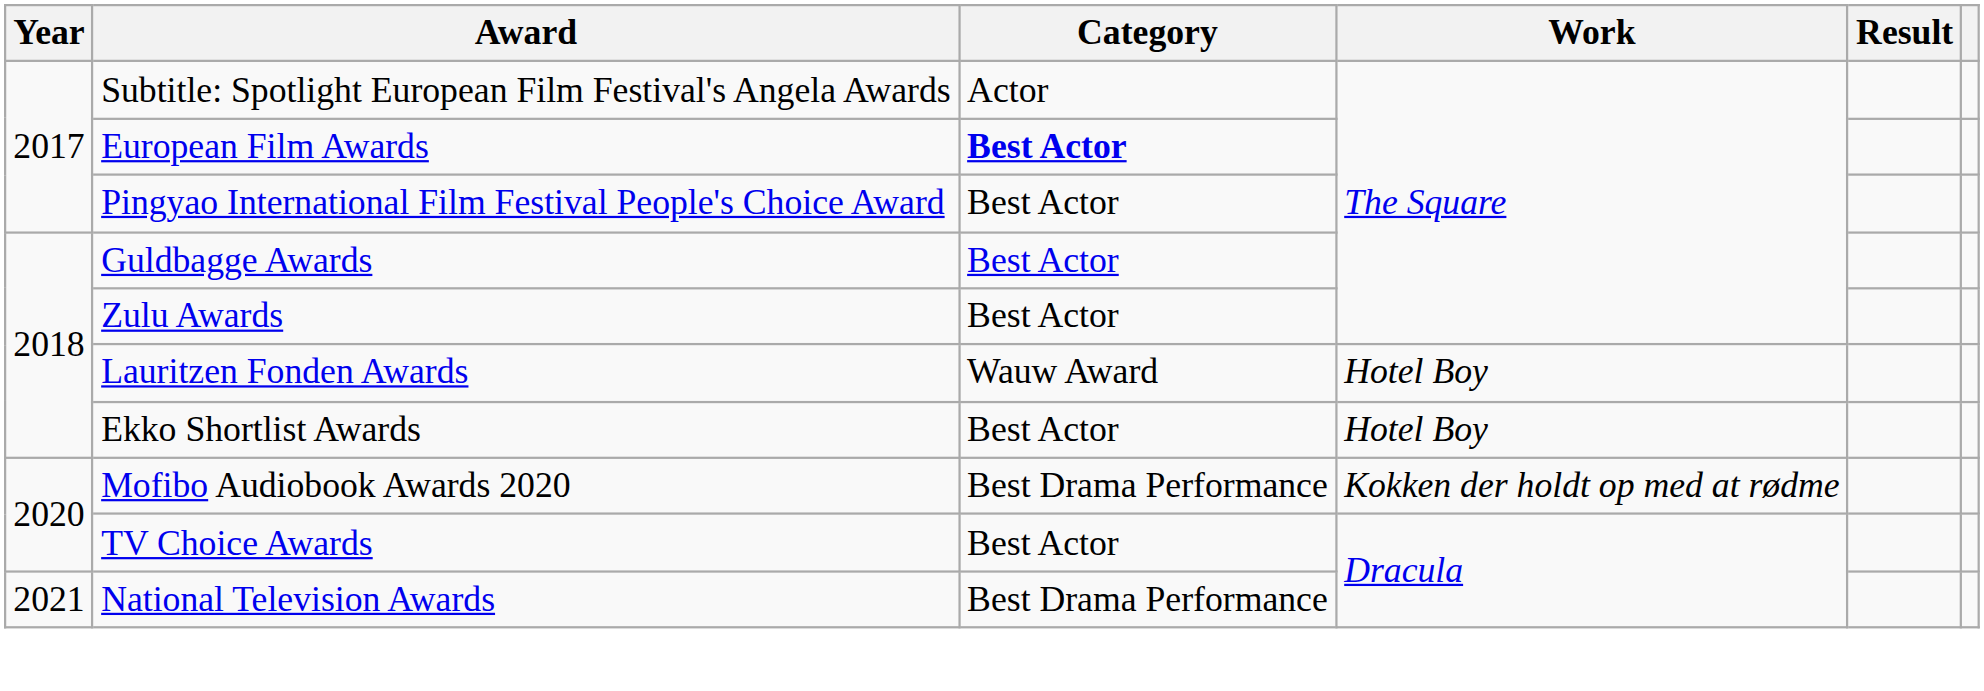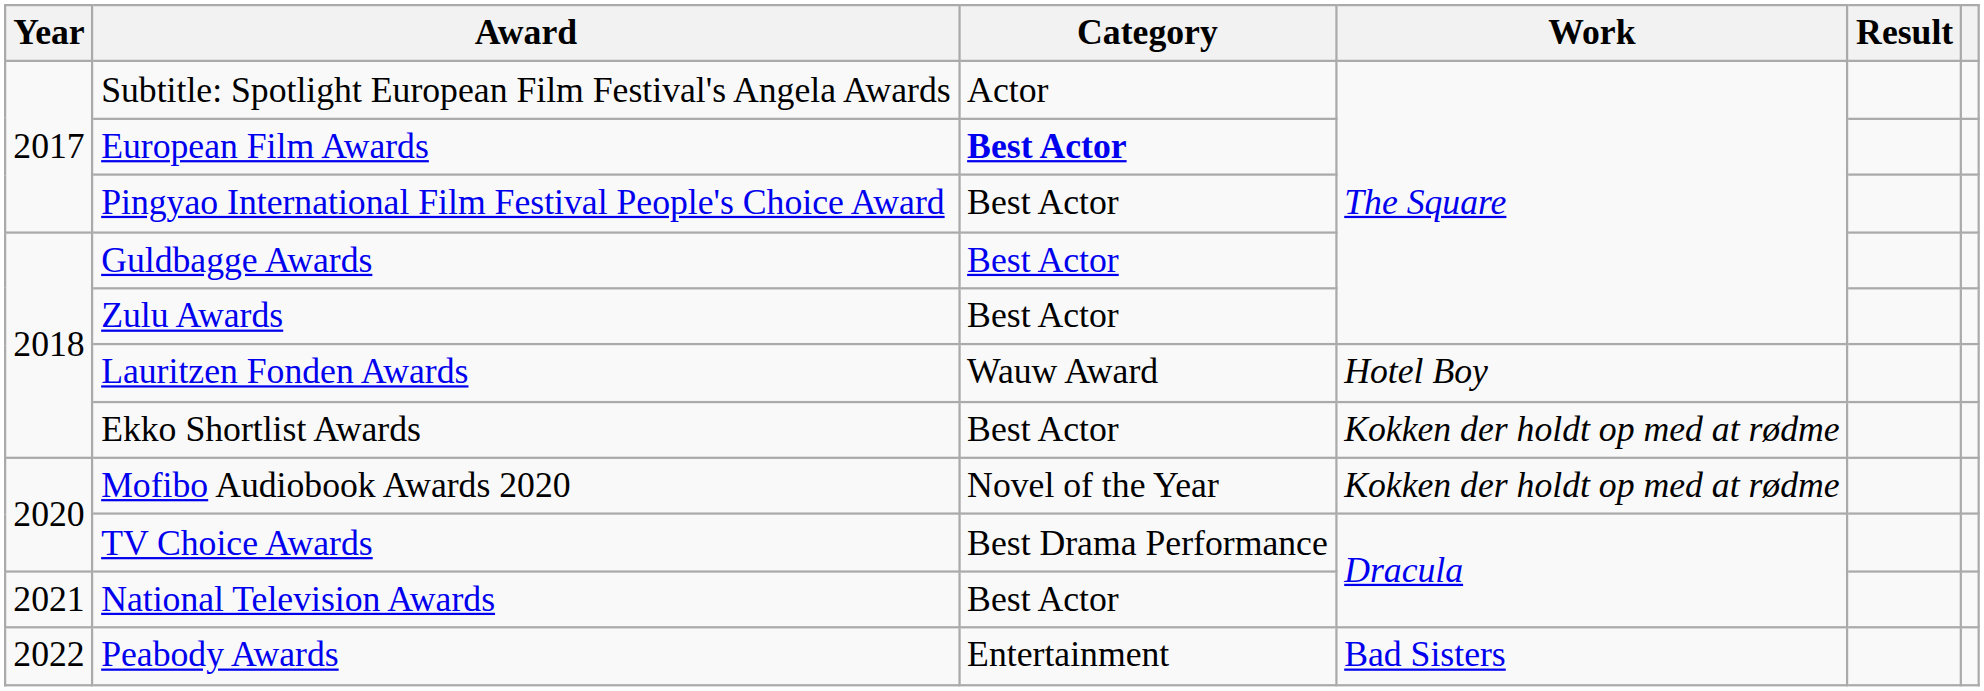 <table class="wikitable sortable">
 <tr>
 <th>Year</th>
 <th>Award</th>
 <th>Category</th>
 <th>Work</th>
 <th>Result</th>
 <th class="unsortable"></th>
 </tr>
 <tr>
 <td rowspan="3">2017</td>
 <td>Subtitle: Spotlight European Film Festival's Angela Awards</td>
 <td>Actor</td>
 <td rowspan="5"><em><a href='#'>The Square</a></em></td>
 <td></td>
 <td></td>
 </tr>
 <tr>
 <td><a href='#'>European Film Awards</a></td>
 <td><strong><a href='#'>Best Actor</a></strong></td>
 <td></td>
 <td></td>
 </tr>
 <tr>
 <td><a href='#'>Pingyao International Film Festival People's Choice Award</a></td>
 <td>Best Actor</td>
 <td></td>
 <td></td>
 </tr>
 <tr>
 <td rowspan="4">2018</td>
 <td><a href='#'>Guldbagge Awards</a></td>
 <td><a href='#'>Best Actor</a></td>
 <td></td>
 <td></td>
 </tr>
 <tr>
 <td><a href='#'>Zulu Awards</a></td>
 <td>Best Actor</td>
 <td></td>
 <td></td>
 </tr>
 <tr>
 <td><a href='#'>Lauritzen Fonden Awards</a></td>
 <td>Wauw Award</td>
 <td><em>Hotel Boy</em></td>
 <td></td>
 <td></td>
 </tr>
 <tr>
 <td>Ekko Shortlist Awards</td>
 <td>Best Actor</td>
-<td><em>Hotel Boy</em></td>
+<td><em>Kokken der holdt op med at rødme</em></td>
 <td></td>
 <td></td>
 </tr>
 <tr>
 <td rowspan="2">2020</td>
 <td><a href='#'>Mofibo</a> Audiobook Awards 2020</td>
-<td>Best Drama Performance</td>
+<td>Novel of the Year</td>
 <td><em>Kokken der holdt op med at rødme</em></td>
 <td></td>
 <td></td>
 </tr>
 <tr>
 <td><a href='#'>TV Choice Awards</a></td>
-<td>Best Actor</td>
+<td>Best Drama Performance</td>
 <td rowspan="2"><em><a href='#'>Dracula</a></em></td>
 <td></td>
 <td></td>
 </tr>
 <tr>
 <td>2021</td>
 <td><a href='#'>National Television Awards</a></td>
-<td>Best Drama Performance</td>
+<td>Best Actor</td>
+<td></td>
+<td></td>
+</tr>
+<tr>
+<td>2022</td>
+<td><a href='#'>Peabody Awards</a></td>
+<td>Entertainment</td>
+<td><a href='#'>Bad Sisters</a></td>
 <td></td>
 <td></td>
 </tr>
 </table>
